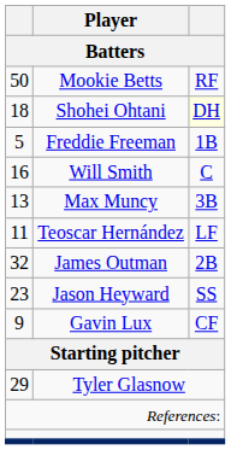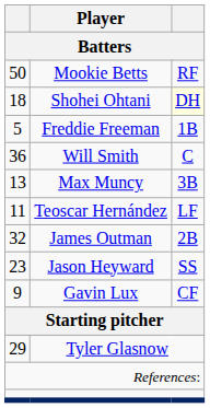 <table class="wikitable" style="text-align:center">
 <tr>
 <th></th>
 <th>Player</th>
 <th></th>
 </tr>
 <tr>
 <th colspan="3">Batters</th>
 </tr>
 <tr>
 <td>50</td>
 <td><a href='#'>Mookie Betts</a></td>
 <td><a href='#'>RF</a></td>
 </tr>
 <tr>
 <td>18</td>
 <td><a href='#'>Shohei Ohtani</a></td>
 <td style="background: lightyellow;"><a href='#'>DH</a></td>
 </tr>
 <tr>
 <td>5</td>
 <td><a href='#'>Freddie Freeman</a></td>
 <td><a href='#'>1B</a></td>
 </tr>
 <tr>
-<td>16</td>
+<td>36</td>
 <td><a href='#'>Will Smith</a></td>
 <td><a href='#'>C</a></td>
 </tr>
 <tr>
 <td>13</td>
 <td><a href='#'>Max Muncy</a></td>
 <td><a href='#'>3B</a></td>
 </tr>
 <tr>
 <td>11</td>
 <td><a href='#'>Teoscar Hernández</a></td>
 <td><a href='#'>LF</a></td>
 </tr>
 <tr>
 <td>32</td>
 <td><a href='#'>James Outman</a></td>
 <td><a href='#'>2B</a></td>
 </tr>
 <tr>
 <td>23</td>
 <td><a href='#'>Jason Heyward</a></td>
 <td><a href='#'>SS</a></td>
 </tr>
 <tr>
 <td>9</td>
 <td><a href='#'>Gavin Lux</a></td>
 <td><a href='#'>CF</a></td>
 </tr>
 <tr>
 <th colspan="4">Starting pitcher</th>
 </tr>
 <tr>
 <td>29</td>
 <td colspan="2"><a href='#'>Tyler Glasnow</a></td>
 </tr>
 <tr>
 <td style="text-align:right"; colspan="4"><small><em>References</em>:</small></td>
 </tr>
 <tr>
 <td style="border-bottom:#042462 5px solid;" colspan="4"></td>
 </tr>
 </table>
